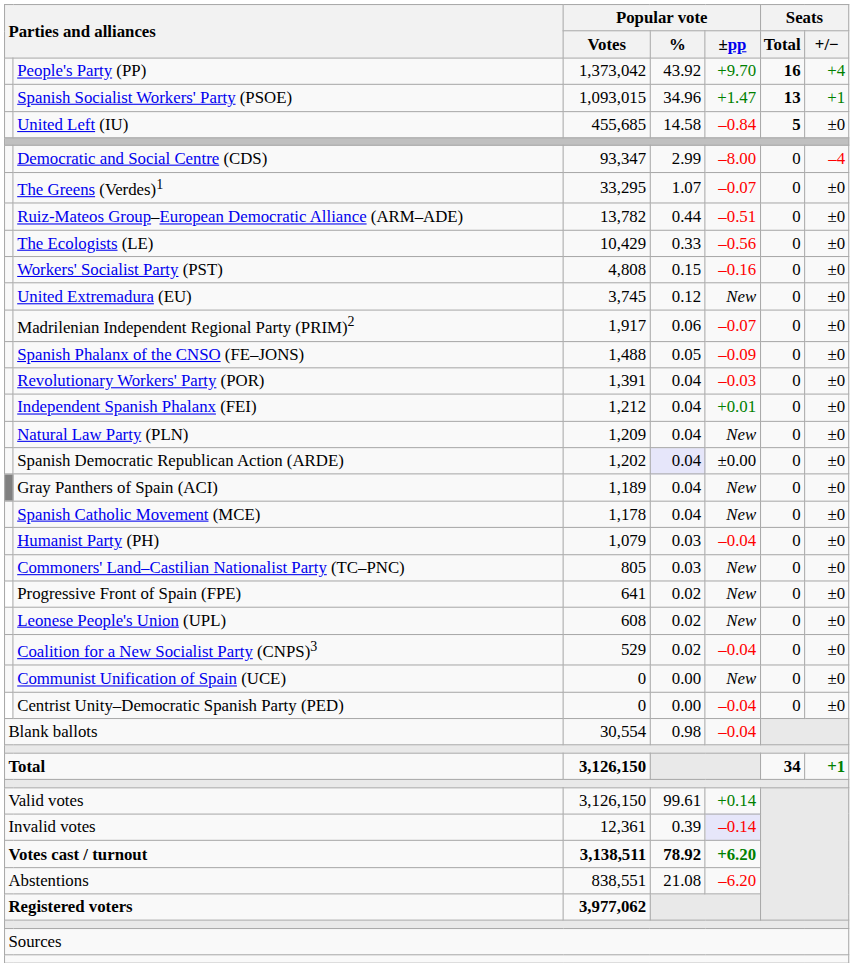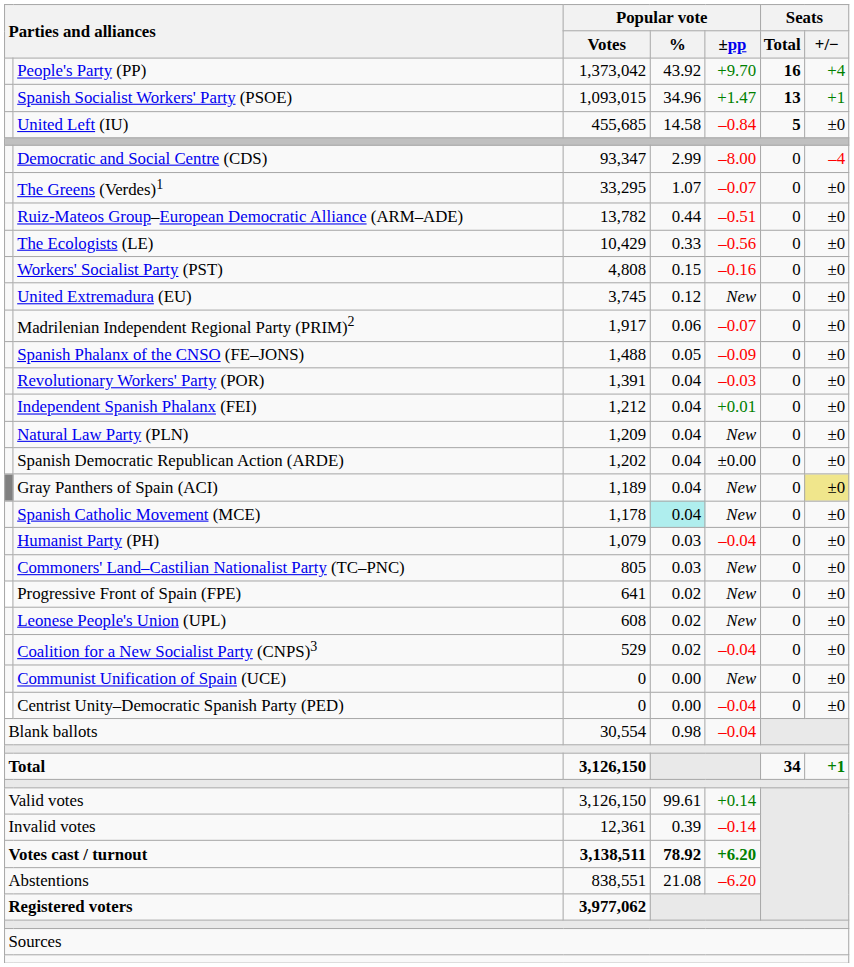 <table class="wikitable" style="text-align:right;">
 <tr>
 <th style="text-align:left;" rowspan="2" colspan="2" width="525">Parties and alliances</th>
 <th colspan="3">Popular vote</th>
 <th colspan="2">Seats</th>
 </tr>
 <tr>
 <th width="75">Votes</th>
 <th width="45">%</th>
 <th width="45">±<a href='#'>pp</a></th>
 <th width="35">Total</th>
 <th width="35">+/−</th>
 </tr>
 <tr>
 <td width="1" style="color:inherit;background:"></td>
 <td align="left"><a href='#'>People's Party</a> (PP)</td>
 <td>1,373,042</td>
 <td>43.92</td>
 <td style="color:green;">+9.70</td>
 <td><strong>16</strong></td>
 <td style="color:green;">+4</td>
 </tr>
 <tr>
 <td style="color:inherit;background:"></td>
 <td align="left"><a href='#'>Spanish Socialist Workers' Party</a> (PSOE)</td>
 <td>1,093,015</td>
 <td>34.96</td>
 <td style="color:green;">+1.47</td>
 <td><strong>13</strong></td>
 <td style="color:green;">+1</td>
 </tr>
 <tr>
 <td style="color:inherit;background:"></td>
 <td align="left"><a href='#'>United Left</a> (IU)</td>
 <td>455,685</td>
 <td>14.58</td>
 <td style="color:red;">–0.84</td>
 <td><strong>5</strong></td>
 <td>±0</td>
 </tr>
 <tr>
 <td colspan="7" bgcolor="#C0C0C0"></td>
 </tr>
 <tr>
 <td style="color:inherit;background:"></td>
 <td align="left"><a href='#'>Democratic and Social Centre</a> (CDS)</td>
 <td>93,347</td>
 <td>2.99</td>
 <td style="color:red;">–8.00</td>
 <td>0</td>
 <td style="color:red;">–4</td>
 </tr>
 <tr>
 <td style="color:inherit;background:"></td>
 <td align="left"><a href='#'>The Greens</a> (Verdes)<sup>1</sup></td>
 <td>33,295</td>
 <td>1.07</td>
 <td style="color:red;">–0.07</td>
 <td>0</td>
 <td>±0</td>
 </tr>
 <tr>
 <td style="color:inherit;background:"></td>
 <td align="left"><a href='#'>Ruiz-Mateos Group</a>–<a href='#'>European Democratic Alliance</a> (ARM–ADE)</td>
 <td>13,782</td>
 <td>0.44</td>
 <td style="color:red;">–0.51</td>
 <td>0</td>
 <td>±0</td>
 </tr>
 <tr>
 <td style="color:inherit;background:"></td>
 <td align="left"><a href='#'>The Ecologists</a> (LE)</td>
 <td>10,429</td>
 <td>0.33</td>
 <td style="color:red;">–0.56</td>
 <td>0</td>
 <td>±0</td>
 </tr>
 <tr>
 <td style="color:inherit;background:"></td>
 <td align="left"><a href='#'>Workers' Socialist Party</a> (PST)</td>
 <td>4,808</td>
 <td>0.15</td>
 <td style="color:red;">–0.16</td>
 <td>0</td>
 <td>±0</td>
 </tr>
 <tr>
 <td style="color:inherit;background:"></td>
 <td align="left"><a href='#'>United Extremadura</a> (EU)</td>
 <td>3,745</td>
 <td>0.12</td>
 <td><em>New</em></td>
 <td>0</td>
 <td>±0</td>
 </tr>
 <tr>
 <td style="color:inherit;background:"></td>
 <td align="left">Madrilenian Independent Regional Party (PRIM)<sup>2</sup></td>
 <td>1,917</td>
 <td>0.06</td>
 <td style="color:red;">–0.07</td>
 <td>0</td>
 <td>±0</td>
 </tr>
 <tr>
 <td style="color:inherit;background:"></td>
 <td align="left"><a href='#'>Spanish Phalanx of the CNSO</a> (FE–JONS)</td>
 <td>1,488</td>
 <td>0.05</td>
 <td style="color:red;">–0.09</td>
 <td>0</td>
 <td>±0</td>
 </tr>
 <tr>
 <td style="color:inherit;background:"></td>
 <td align="left"><a href='#'>Revolutionary Workers' Party</a> (POR)</td>
 <td>1,391</td>
 <td>0.04</td>
 <td style="color:red;">–0.03</td>
 <td>0</td>
 <td>±0</td>
 </tr>
 <tr>
 <td style="color:inherit;background:"></td>
 <td align="left"><a href='#'>Independent Spanish Phalanx</a> (FEI)</td>
 <td>1,212</td>
 <td>0.04</td>
 <td style="color:green;">+0.01</td>
 <td>0</td>
 <td>±0</td>
 </tr>
 <tr>
 <td style="color:inherit;background:"></td>
 <td align="left"><a href='#'>Natural Law Party</a> (PLN)</td>
 <td>1,209</td>
 <td>0.04</td>
 <td><em>New</em></td>
 <td>0</td>
 <td>±0</td>
 </tr>
 <tr>
 <td style="color:inherit;background:"></td>
 <td align="left">Spanish Democratic Republican Action (ARDE)</td>
 <td>1,202</td>
-<td style="background: lavender;">0.04</td>
+<td>0.04</td>
 <td>±0.00</td>
 <td>0</td>
 <td>±0</td>
 </tr>
 <tr>
 <td bgcolor="gray"></td>
 <td align="left">Gray Panthers of Spain (ACI)</td>
 <td>1,189</td>
 <td>0.04</td>
 <td><em>New</em></td>
 <td>0</td>
-<td>±0</td>
+<td style="background: khaki;">±0</td>
 </tr>
 <tr>
 <td style="color:inherit;background:"></td>
 <td align="left"><a href='#'>Spanish Catholic Movement</a> (MCE)</td>
 <td>1,178</td>
-<td>0.04</td>
+<td style="background: paleturquoise;">0.04</td>
 <td><em>New</em></td>
 <td>0</td>
 <td>±0</td>
 </tr>
 <tr>
 <td style="color:inherit;background:"></td>
 <td align="left"><a href='#'>Humanist Party</a> (PH)</td>
 <td>1,079</td>
 <td>0.03</td>
 <td style="color:red;">–0.04</td>
 <td>0</td>
 <td>±0</td>
 </tr>
 <tr>
 <td style="color:inherit;background:"></td>
 <td align="left"><a href='#'>Commoners' Land–Castilian Nationalist Party</a> (TC–PNC)</td>
 <td>805</td>
 <td>0.03</td>
 <td><em>New</em></td>
 <td>0</td>
 <td>±0</td>
 </tr>
 <tr>
 <td bgcolor="white"></td>
 <td align="left">Progressive Front of Spain (FPE)</td>
 <td>641</td>
 <td>0.02</td>
 <td><em>New</em></td>
 <td>0</td>
 <td>±0</td>
 </tr>
 <tr>
 <td style="color:inherit;background:"></td>
 <td align="left"><a href='#'>Leonese People's Union</a> (UPL)</td>
 <td>608</td>
 <td>0.02</td>
 <td><em>New</em></td>
 <td>0</td>
 <td>±0</td>
 </tr>
 <tr>
 <td style="color:inherit;background:"></td>
 <td align="left"><a href='#'>Coalition for a New Socialist Party</a> (CNPS)<sup>3</sup></td>
 <td>529</td>
 <td>0.02</td>
 <td style="color:red;">–0.04</td>
 <td>0</td>
 <td>±0</td>
 </tr>
 <tr>
 <td style="color:inherit;background:"></td>
 <td align="left"><a href='#'>Communist Unification of Spain</a> (UCE)</td>
 <td>0</td>
 <td>0.00</td>
 <td><em>New</em></td>
 <td>0</td>
 <td>±0</td>
 </tr>
 <tr>
 <td bgcolor="white"></td>
 <td align="left">Centrist Unity–Democratic Spanish Party (PED)</td>
 <td>0</td>
 <td>0.00</td>
 <td style="color:red;">–0.04</td>
 <td>0</td>
 <td>±0</td>
 </tr>
 <tr>
 <td align="left" colspan="2">Blank ballots</td>
 <td>30,554</td>
 <td>0.98</td>
 <td style="color:red;">–0.04</td>
 <td bgcolor="#E9E9E9" colspan="2"></td>
 </tr>
 <tr>
 <td colspan="7" bgcolor="#E9E9E9"></td>
 </tr>
 <tr style="font-weight:bold;">
 <td align="left" colspan="2">Total</td>
 <td>3,126,150</td>
 <td bgcolor="#E9E9E9" colspan="2"></td>
 <td>34</td>
 <td style="color:green;">+1</td>
 </tr>
 <tr>
 <td colspan="7" bgcolor="#E9E9E9"></td>
 </tr>
 <tr>
 <td align="left" colspan="2">Valid votes</td>
 <td>3,126,150</td>
 <td>99.61</td>
 <td style="color:green;">+0.14</td>
 <td bgcolor="#E9E9E9" colspan="2" rowspan="5"></td>
 </tr>
 <tr>
 <td align="left" colspan="2">Invalid votes</td>
 <td>12,361</td>
 <td>0.39</td>
-<td style="background: lavender; color:red;">–0.14</td>
+<td style="color:red;">–0.14</td>
 </tr>
 <tr style="font-weight:bold;">
 <td align="left" colspan="2">Votes cast / turnout</td>
 <td>3,138,511</td>
 <td>78.92</td>
 <td style="color:green;">+6.20</td>
 </tr>
 <tr>
 <td align="left" colspan="2">Abstentions</td>
 <td>838,551</td>
 <td>21.08</td>
 <td style="color:red;">–6.20</td>
 </tr>
 <tr style="font-weight:bold;">
 <td align="left" colspan="2">Registered voters</td>
 <td>3,977,062</td>
 <td bgcolor="#E9E9E9" colspan="2"></td>
 </tr>
 <tr>
 <td colspan="7" bgcolor="#E9E9E9"></td>
 </tr>
 <tr>
 <td align="left" colspan="7">Sources</td>
 </tr>
 <tr>
 <td colspan="7" style="text-align:left; max-width:790px;"></td>
 </tr>
 </table>
